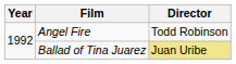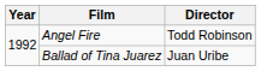 <table class="wikitable">
 <tr>
 <th>Year</th>
 <th>Film</th>
 <th>Director</th>
 </tr>
 <tr>
 <td rowspan=2>1992</td>
 <td><em>Angel Fire</em></td>
 <td>Todd Robinson</td>
 </tr>
 <tr>
 <td><em>Ballad of Tina Juarez</em></td>
-<td style="background: khaki;">Juan Uribe</td>
+<td>Juan Uribe</td>
 </tr>
 </table>
